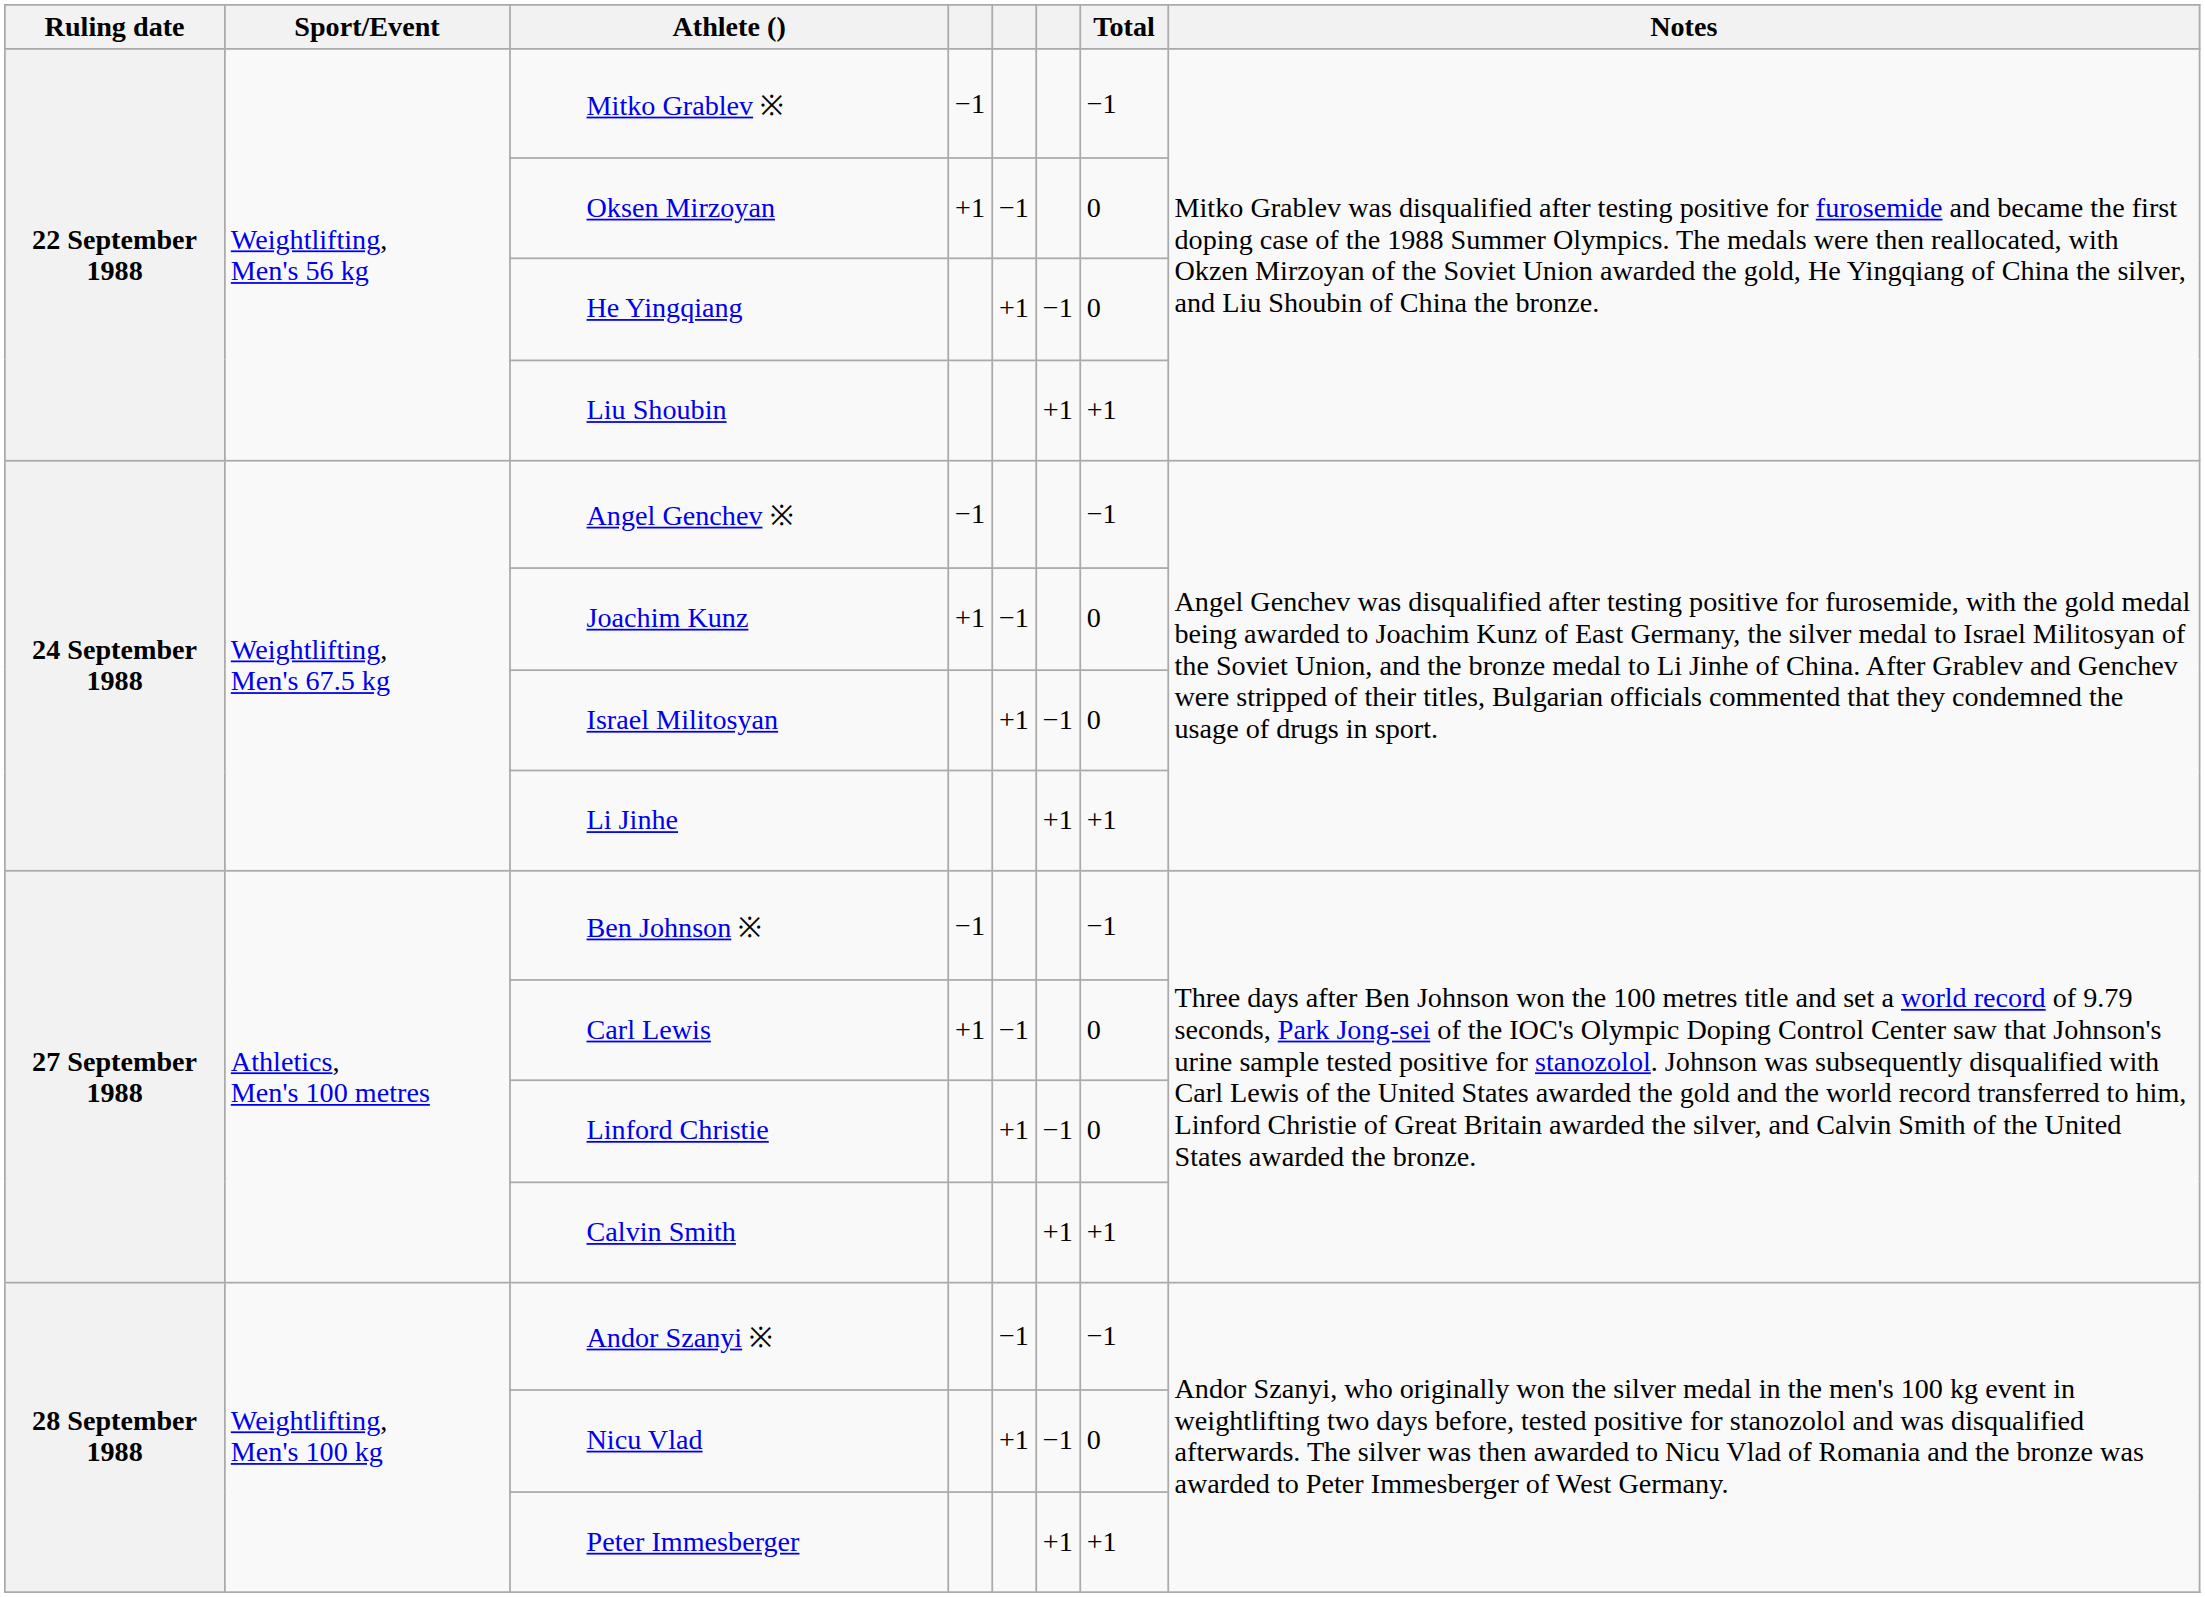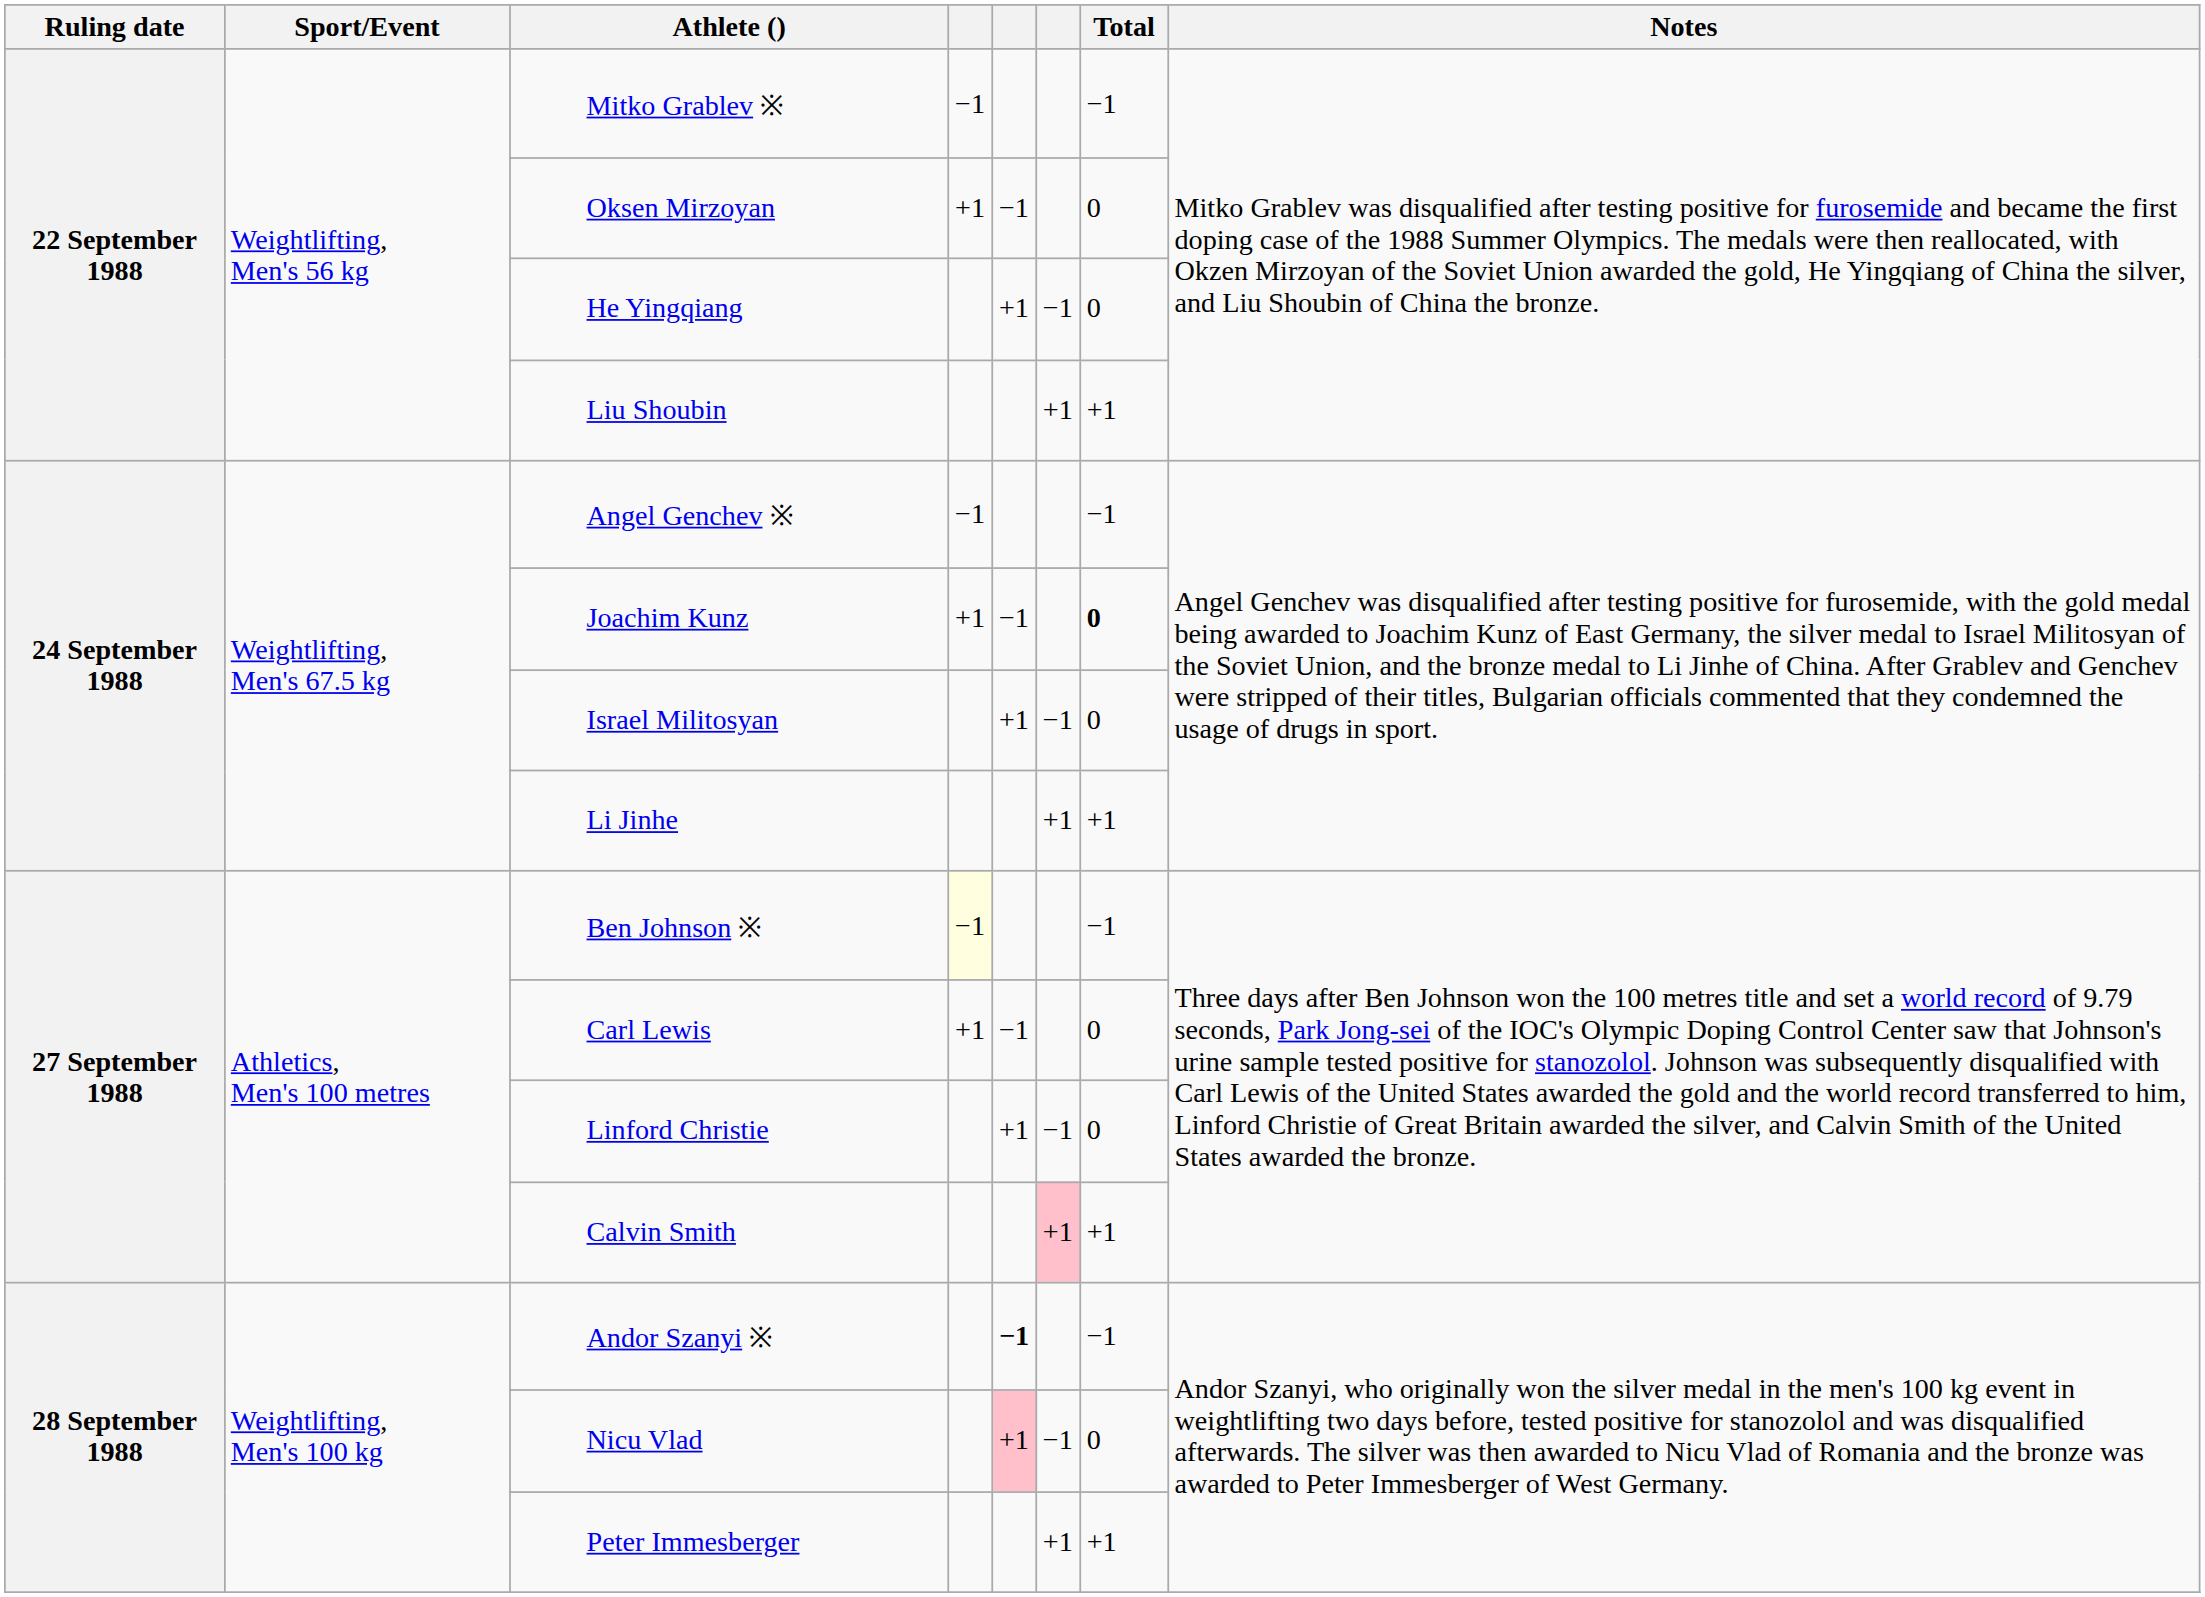 <table class="wikitable plainrowheaders">
 <tr>
 <th scope="col" align="center" style="width:10%">Ruling date</th>
 <th scope="col" align="center" style="width:13%">Sport/Event</th>
 <th scope="col" align="center" style="width:20%">Athlete ()</th>
 <th scope="col" align="center" style="width:2%"></th>
 <th scope="col" align="center" style="width:2%"></th>
 <th scope="col" align="center" style="width:2%"></th>
 <th scope="col" align="center" style="width:4%">Total</th>
 <th scope="col" align="center" class="unsortable" style="width:50%">Notes</th>
 </tr>
 <tr>
 <th scope="row" rowspan=4>22 September 1988</th>
 <td rowspan=4><a href='#'>Weightlifting</a>,<br><a href='#'>Men's 56 kg</a></td>
 <td style="width:10px; text-align:left;" style="background-color: #F7D9D3;"><dl><dd><span><a href='#'>Mitko Grablev</a> ※</span></dd></dl></td>
 <td>−1</td>
 <td></td>
 <td></td>
 <td>−1</td>
 <td rowspan=4 style="text-align:left;">Mitko Grablev was disqualified after testing positive for <a href='#'>furosemide</a> and became the first doping case of the 1988 Summer Olympics. The medals were then reallocated, with Okzen Mirzoyan of the Soviet Union awarded the gold, He Yingqiang of China the silver, and Liu Shoubin of China the bronze.</td>
 </tr>
 <tr>
 <td align=left><dl><dd><span><a href='#'>Oksen Mirzoyan</a></span></dd></dl></td>
 <td>+1</td>
 <td>−1</td>
 <td></td>
 <td>0</td>
 </tr>
 <tr>
 <td align=left><dl><dd><span><a href='#'>He Yingqiang</a></span></dd></dl></td>
 <td></td>
 <td>+1</td>
 <td>−1</td>
 <td>0</td>
 </tr>
 <tr>
 <td align=left><dl><dd><span><a href='#'>Liu Shoubin</a></span></dd></dl></td>
 <td></td>
 <td></td>
 <td>+1</td>
 <td>+1</td>
 </tr>
 <tr>
 <th scope="row" rowspan=4>24 September 1988</th>
 <td rowspan=4><a href='#'>Weightlifting</a>,<br><a href='#'>Men's 67.5 kg</a></td>
 <td style="width:10px; text-align:left;" style="background-color: #F7D9D3;"><dl><dd><span><a href='#'>Angel Genchev</a> ※</span></dd></dl></td>
 <td>−1</td>
 <td></td>
 <td></td>
 <td>−1</td>
 <td rowspan=4 style="text-align:left;">Angel Genchev was disqualified after testing positive for furosemide, with the gold medal being awarded to Joachim Kunz of East Germany, the silver medal to Israel Militosyan of the Soviet Union, and the bronze medal to Li Jinhe of China. After Grablev and Genchev were stripped of their titles, Bulgarian officials commented that they condemned the usage of drugs in sport.</td>
 </tr>
 <tr>
 <td align=left><dl><dd><span><a href='#'>Joachim Kunz</a></span></dd></dl></td>
 <td>+1</td>
 <td>−1</td>
 <td></td>
-<td>0</td>
+<td><strong>0</strong></td>
 </tr>
 <tr>
 <td align=left><dl><dd><span><a href='#'>Israel Militosyan</a></span></dd></dl></td>
 <td></td>
 <td>+1</td>
 <td>−1</td>
 <td>0</td>
 </tr>
 <tr>
 <td align=left><dl><dd><span><a href='#'>Li Jinhe</a></span></dd></dl></td>
 <td></td>
 <td></td>
 <td>+1</td>
 <td>+1</td>
 </tr>
 <tr>
 <th scope="row" rowspan=4>27 September 1988</th>
 <td rowspan=4><a href='#'>Athletics</a>,<br><a href='#'>Men's 100 metres</a></td>
 <td style="width:10px; text-align:left;" style="background-color: #F7D9D3;"><dl><dd><span><a href='#'>Ben Johnson</a> ※</span></dd></dl></td>
-<td>−1</td>
+<td style="background: lightyellow;">−1</td>
 <td></td>
 <td></td>
 <td>−1</td>
 <td rowspan=4 style="text-align:left;">Three days after Ben Johnson won the 100 metres title and set a <a href='#'>world record</a> of 9.79 seconds, <a href='#'>Park Jong-sei</a> of the IOC's Olympic Doping Control Center saw that Johnson's urine sample tested positive for <a href='#'>stanozolol</a>. Johnson was subsequently disqualified with Carl Lewis of the United States awarded the gold and the world record transferred to him, Linford Christie of Great Britain awarded the silver, and Calvin Smith of the United States awarded the bronze.</td>
 </tr>
 <tr>
 <td align=left><dl><dd><span><a href='#'>Carl Lewis</a></span></dd></dl></td>
 <td>+1</td>
 <td>−1</td>
 <td></td>
 <td>0</td>
 </tr>
 <tr>
 <td align=left><dl><dd><span><a href='#'>Linford Christie</a></span></dd></dl></td>
 <td></td>
 <td>+1</td>
 <td>−1</td>
 <td>0</td>
 </tr>
 <tr>
 <td align=left><dl><dd><span><a href='#'>Calvin Smith</a></span></dd></dl></td>
 <td></td>
 <td></td>
-<td>+1</td>
+<td style="background: pink;">+1</td>
 <td>+1</td>
 </tr>
 <tr>
 <th scope="row" rowspan=3>28 September 1988</th>
 <td rowspan=3><a href='#'>Weightlifting</a>,<br><a href='#'>Men's 100 kg</a></td>
 <td style="width:10px; text-align:left;" style="background-color: #F7D9D3;"><dl><dd><span><a href='#'>Andor Szanyi</a> ※</span></dd></dl></td>
 <td></td>
-<td>−1</td>
+<td><strong>−1</strong></td>
 <td></td>
 <td>−1</td>
 <td rowspan=3 style="text-align:left;">Andor Szanyi, who originally won the silver medal in the men's 100 kg event in weightlifting two days before, tested positive for stanozolol and was disqualified afterwards. The silver was then awarded to Nicu Vlad of Romania and the bronze was awarded to Peter Immesberger of West Germany.</td>
 </tr>
 <tr>
 <td align=left><dl><dd><span><a href='#'>Nicu Vlad</a></span></dd></dl></td>
 <td></td>
-<td>+1</td>
+<td style="background: pink;">+1</td>
 <td>−1</td>
 <td>0</td>
 </tr>
 <tr>
 <td align=left><dl><dd><span><a href='#'>Peter Immesberger</a></span></dd></dl></td>
 <td></td>
 <td></td>
 <td>+1</td>
 <td>+1</td>
 </tr>
 <tr>
 </tr>
 </table>
